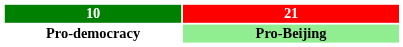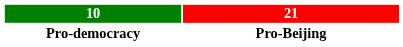 <table style="width:50%; text-align:center;">
 <tr style="color:white;">
 <td style="background:green; width:45%;"><strong>10</strong></td>
 <td style="background:red; width:55%;"><strong>21</strong></td>
 </tr>
 <tr>
 <td><span><strong>Pro-democracy</strong></span></td>
-<td style="background: lightgreen;"><span><strong>Pro-Beijing</strong></span></td>
+<td><span><strong>Pro-Beijing</strong></span></td>
 </tr>
 </table>
